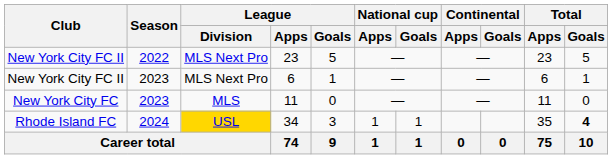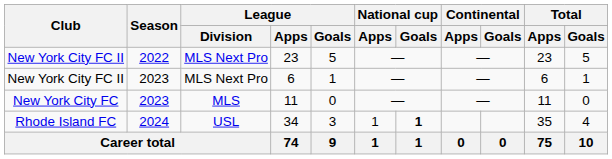 <table class="wikitable" style="text-align:center">
 <tr>
 <th rowspan="2">Club</th>
 <th rowspan="2">Season</th>
 <th colspan="3">League</th>
 <th colspan="2">National cup</th>
 <th colspan="2">Continental</th>
 <th colspan="2">Total</th>
 </tr>
 <tr>
 <th>Division</th>
 <th>Apps</th>
 <th>Goals</th>
 <th>Apps</th>
 <th>Goals</th>
 <th>Apps</th>
 <th>Goals</th>
 <th>Apps</th>
 <th>Goals</th>
 </tr>
 <tr>
 <td><a href='#'>New York City FC II</a></td>
 <td><a href='#'>2022</a></td>
 <td><a href='#'>MLS Next Pro</a></td>
 <td>23</td>
 <td>5</td>
 <td colspan="2">—</td>
 <td colspan=2>—</td>
 <td>23</td>
 <td>5</td>
 </tr>
 <tr>
 <td>New York City FC II</td>
 <td>2023</td>
 <td>MLS Next Pro</td>
 <td>6</td>
 <td>1</td>
 <td colspan="2">—</td>
 <td colspan="2">—</td>
 <td>6</td>
 <td>1</td>
 </tr>
 <tr>
 <td><a href='#'>New York City FC</a></td>
 <td><a href='#'>2023</a></td>
 <td><a href='#'>MLS</a></td>
 <td>11</td>
 <td>0</td>
 <td colspan="2">—</td>
 <td colspan="2">—</td>
 <td>11</td>
 <td>0</td>
 </tr>
 <tr>
 <td><a href='#'>Rhode Island FC</a></td>
 <td><a href='#'>2024</a></td>
-<td style="background: gold;"><a href='#'>USL</a></td>
+<td><a href='#'>USL</a></td>
 <td>34</td>
 <td>3</td>
 <td>1</td>
-<td>1</td>
+<td><strong>1</strong></td>
 <td></td>
 <td></td>
 <td>35</td>
-<td><strong>4</strong></td>
+<td>4</td>
 </tr>
 <tr>
 <th colspan="3">Career total</th>
 <th>74</th>
 <th>9</th>
 <th>1</th>
 <th>1</th>
 <th>0</th>
 <th>0</th>
 <th>75</th>
 <th>10</th>
 </tr>
 </table>
